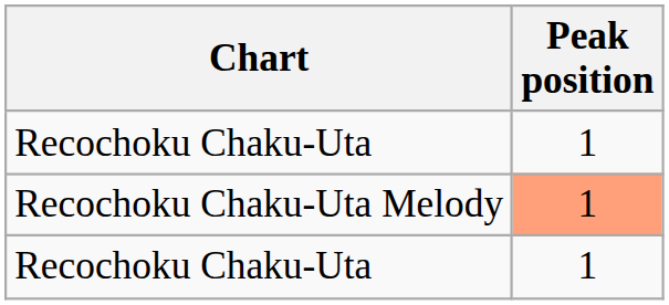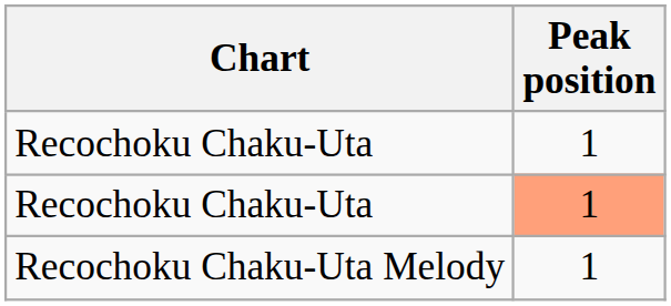 <table class="wikitable">
 <tr>
 <th>Chart</th>
 <th>Peak<br>position</th>
 </tr>
 <tr>
 <td>Recochoku Chaku-Uta</td>
 <td align="center">1</td>
 </tr>
 <tr>
-<td>Recochoku Chaku-Uta Melody</td>
+<td>Recochoku Chaku-Uta</td>
 <td align="center" style="background: lightsalmon;">1</td>
 </tr>
 <tr>
-<td>Recochoku Chaku-Uta</td>
+<td>Recochoku Chaku-Uta Melody</td>
 <td align="center">1</td>
 </tr>
 </table>
